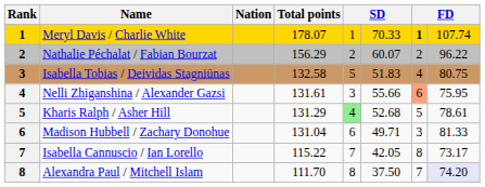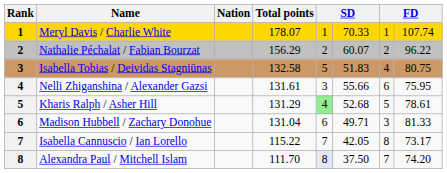 <table class="wikitable sortable">
 <tr>
 <th>Rank</th>
 <th>Name</th>
 <th>Nation</th>
 <th>Total points</th>
 <th colspan="2" width="80px"><a href='#'>SD</a></th>
 <th colspan="2" width="80px"><a href='#'>FD</a></th>
 </tr>
 <tr bgcolor="gold">
 <td align="center"><strong>1</strong></td>
 <td><a href='#'>Meryl Davis</a> / <a href='#'>Charlie White</a></td>
 <td></td>
 <td align="center">178.07</td>
 <td align="center">1</td>
 <td align="center">70.33</td>
-<td align="center"><strong>1</strong></td>
+<td align="center">1</td>
 <td align="center">107.74</td>
 </tr>
 <tr bgcolor="silver">
 <td align="center"><strong>2</strong></td>
 <td><a href='#'>Nathalie Péchalat</a> / <a href='#'>Fabian Bourzat</a></td>
 <td></td>
 <td align="center">156.29</td>
 <td align="center">2</td>
 <td align="center">60.07</td>
 <td align="center">2</td>
 <td align="center">96.22</td>
 </tr>
 <tr bgcolor="cc9966">
 <td align="center"><strong>3</strong></td>
 <td><a href='#'>Isabella Tobias</a> / <a href='#'>Deividas Stagniūnas</a></td>
 <td></td>
 <td align="center">132.58</td>
 <td align="center">5</td>
 <td align="center">51.83</td>
 <td align="center">4</td>
 <td align="center">80.75</td>
 </tr>
 <tr>
 <th>4</th>
 <td><a href='#'>Nelli Zhiganshina</a> / <a href='#'>Alexander Gazsi</a></td>
 <td></td>
 <td align="center">131.61</td>
 <td align="center">3</td>
 <td align="center">55.66</td>
-<td align="center" style="background: lightsalmon;">6</td>
+<td align="center">6</td>
 <td align="center">75.95</td>
 </tr>
 <tr>
 <th>5</th>
 <td><a href='#'>Kharis Ralph</a> / <a href='#'>Asher Hill</a></td>
 <td></td>
 <td align="center">131.29</td>
 <td align="center" style="background: lightgreen;">4</td>
 <td align="center">52.68</td>
 <td align="center">5</td>
 <td align="center">78.61</td>
 </tr>
 <tr>
 <th>6</th>
 <td><a href='#'>Madison Hubbell</a> / <a href='#'>Zachary Donohue</a></td>
 <td></td>
 <td align="center">131.04</td>
 <td align="center">6</td>
 <td align="center">49.71</td>
 <td align="center">3</td>
 <td align="center">81.33</td>
 </tr>
 <tr>
 <th>7</th>
 <td><a href='#'>Isabella Cannuscio</a> / <a href='#'>Ian Lorello</a></td>
 <td></td>
 <td align="center">115.22</td>
 <td align="center">7</td>
 <td align="center">42.05</td>
 <td align="center">8</td>
 <td align="center">73.17</td>
 </tr>
 <tr>
 <th>8</th>
 <td><a href='#'>Alexandra Paul</a> / <a href='#'>Mitchell Islam</a></td>
 <td></td>
 <td align="center">111.70</td>
-<td align="center">8</td>
+<td align="center" style="background: lavender;">8</td>
 <td align="center">37.50</td>
 <td align="center">7</td>
-<td align="center" style="background: lavender;">74.20</td>
+<td align="center">74.20</td>
 </tr>
 </table>
